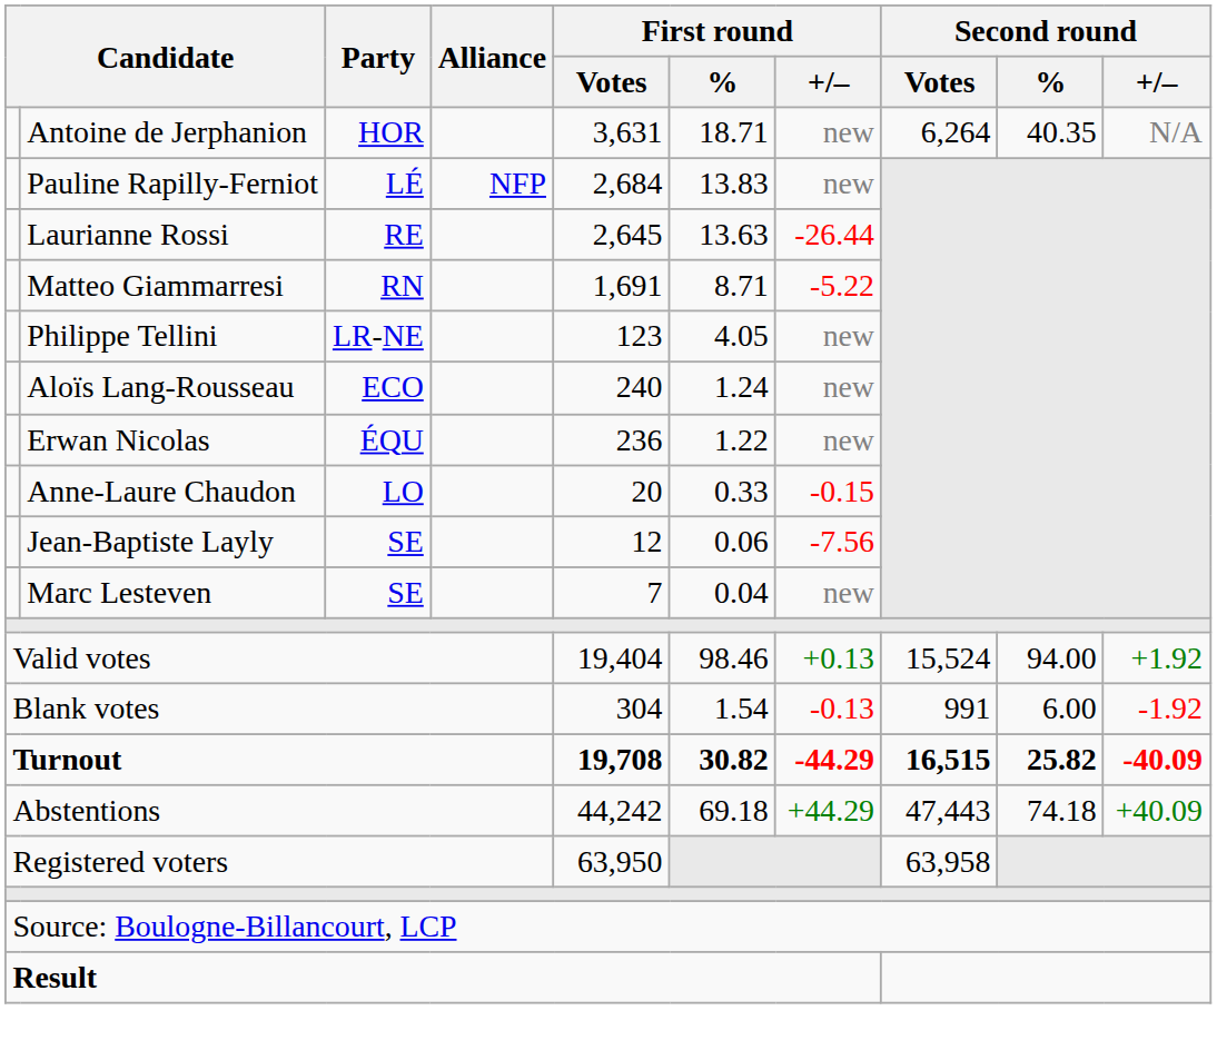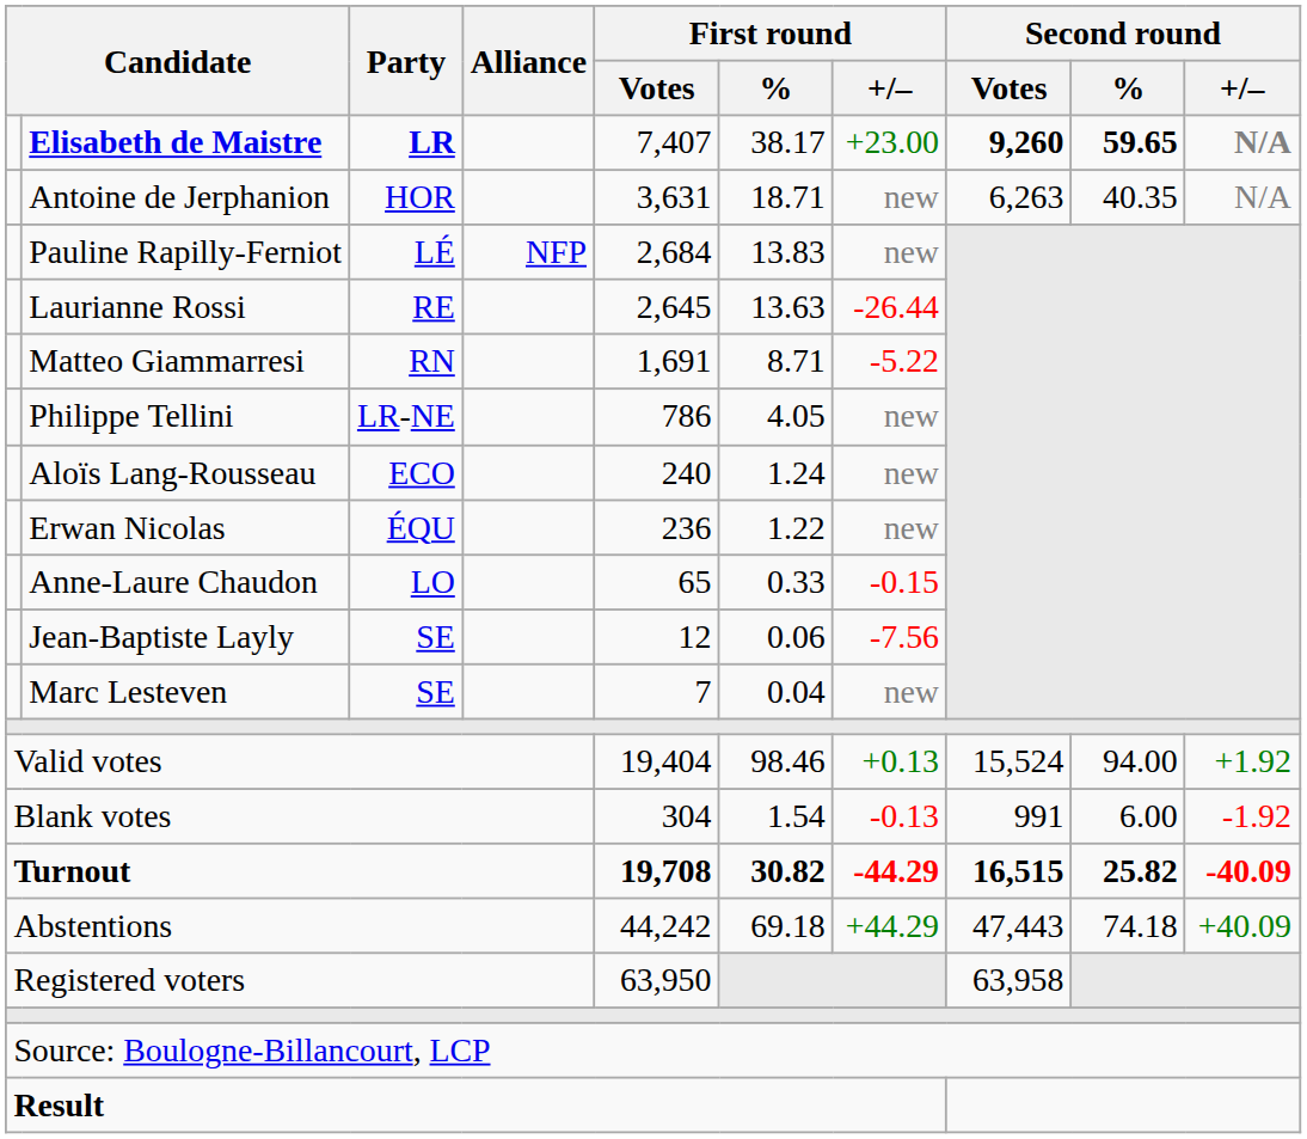 <table class="wikitable" style="text-align:right;font-size:95%;">
 <tr>
 <th rowspan="2" colspan="2">Candidate</th>
 <th rowspan="2">Party</th>
 <th rowspan="2">Alliance</th>
 <th colspan="3">First round</th>
 <th colspan="3">Second round</th>
 </tr>
 <tr>
 <th style="width:50px;">Votes</th>
 <th style="width:45px;">%</th>
 <th style="width:45px;">+/–</th>
 <th style="width:50px;">Votes</th>
 <th style="width:45px;">%</th>
 <th style="width:45px;">+/–</th>
 </tr>
 <tr>
 <td style="color:inherit;background:"></td>
+<td style="text-align:left;"><strong><a href='#'>Elisabeth de Maistre</a></strong></td>
+<td><strong><a href='#'>LR</a></strong></td>
+<td></td>
+<td>7,407</td>
+<td>38.17</td>
+<td style="color:green;">+23.00</td>
+<td><strong>9,260</strong></td>
+<td><strong>59.65</strong></td>
+<td style="color:grey;"><strong>N/A</strong></td>
+</tr>
+<tr>
+<td style="color:inherit;background:"></td>
 <td style="text-align:left;">Antoine de Jerphanion</td>
 <td><a href='#'>HOR</a></td>
 <td></td>
 <td>3,631</td>
 <td>18.71</td>
 <td style="color:grey;">new</td>
-<td>6,264</td>
+<td>6,263</td>
 <td>40.35</td>
 <td style="color:grey;">N/A</td>
 </tr>
 <tr>
 <td style="color:inherit;background:"></td>
 <td style="text-align:left;">Pauline Rapilly-Ferniot</td>
 <td><a href='#'>LÉ</a></td>
 <td><a href='#'>NFP</a></td>
 <td>2,684</td>
 <td>13.83</td>
 <td style="color:grey;">new</td>
 <td colspan="3" rowspan="9" style="background:#E9E9E9;"></td>
 </tr>
 <tr>
 <td style="color:inherit;background:"></td>
 <td style="text-align:left;">Laurianne Rossi</td>
 <td><a href='#'>RE</a></td>
 <td></td>
 <td>2,645</td>
 <td>13.63</td>
 <td style="color:red;">-26.44</td>
 </tr>
 <tr>
 <td style="color:inherit;background:"></td>
 <td style="text-align:left;">Matteo Giammarresi</td>
 <td><a href='#'>RN</a></td>
 <td></td>
 <td>1,691</td>
 <td>8.71</td>
 <td style="color:red;">-5.22</td>
 </tr>
 <tr>
 <td style="color:inherit;background:"></td>
 <td style="text-align:left;">Philippe Tellini</td>
 <td><a href='#'>LR</a>-<a href='#'>NE</a></td>
 <td></td>
-<td>123</td>
+<td>786</td>
 <td>4.05</td>
 <td style="color:grey;">new</td>
 </tr>
 <tr>
 <td style="color:inherit;background:"></td>
 <td style="text-align:left;">Aloïs Lang-Rousseau</td>
 <td><a href='#'>ECO</a></td>
 <td></td>
 <td>240</td>
 <td>1.24</td>
 <td style="color:grey;">new</td>
 </tr>
 <tr>
 <td style="color:inherit;background:"></td>
 <td style="text-align:left;">Erwan Nicolas</td>
 <td><a href='#'>ÉQU</a></td>
 <td></td>
 <td>236</td>
 <td>1.22</td>
 <td style="color:grey;">new</td>
 </tr>
 <tr>
 <td style="color:inherit;background:"></td>
 <td style="text-align:left;">Anne-Laure Chaudon</td>
 <td><a href='#'>LO</a></td>
 <td></td>
-<td>20</td>
+<td>65</td>
 <td>0.33</td>
 <td style="color:red;">-0.15</td>
 </tr>
 <tr>
 <td style="color:inherit;background:"></td>
 <td style="text-align:left;">Jean-Baptiste Layly</td>
 <td><a href='#'>SE</a></td>
 <td></td>
 <td>12</td>
 <td>0.06</td>
 <td style="color:red;">-7.56</td>
 </tr>
 <tr>
 <td style="color:inherit;background:"></td>
 <td style="text-align:left;">Marc Lesteven</td>
 <td><a href='#'>SE</a></td>
 <td></td>
 <td>7</td>
 <td>0.04</td>
 <td style="color:grey;">new</td>
 </tr>
 <tr>
 <td colspan="10" style="background:#E9E9E9;"></td>
 </tr>
 <tr>
 <td colspan="4" style="text-align:left;">Valid votes</td>
 <td>19,404</td>
 <td>98.46</td>
 <td style="color:green;">+0.13</td>
 <td>15,524</td>
 <td>94.00</td>
 <td style="color:green;">+1.92</td>
 </tr>
 <tr>
 <td colspan="4" style="text-align:left;">Blank votes</td>
 <td>304</td>
 <td>1.54</td>
 <td style="color:red;">-0.13</td>
 <td>991</td>
 <td>6.00</td>
 <td style="color:red;">-1.92</td>
 </tr>
 <tr>
 <td colspan="4" style="text-align:left;"><strong>Turnout</strong></td>
 <td><strong>19,708</strong></td>
 <td><strong>30.82</strong></td>
 <td style="color:red;"><strong>-44.29</strong></td>
 <td><strong>16,515</strong></td>
 <td><strong>25.82</strong></td>
 <td style="color:red;"><strong>-40.09</strong></td>
 </tr>
 <tr>
 <td colspan="4" style="text-align:left;">Abstentions</td>
 <td>44,242</td>
 <td>69.18</td>
 <td style="color:green;">+44.29</td>
 <td>47,443</td>
 <td>74.18</td>
 <td style="color:green;">+40.09</td>
 </tr>
 <tr>
 <td colspan="4" style="text-align:left;">Registered voters</td>
 <td>63,950</td>
 <td colspan="2" style="background:#E9E9E9;"></td>
 <td>63,958</td>
 <td colspan="2" style="background:#E9E9E9;"></td>
 </tr>
 <tr>
 <td colspan="10" style="background:#E9E9E9;"></td>
 </tr>
 <tr>
 <td colspan="10" style="text-align:left;">Source: <a href='#'>Boulogne-Billancourt</a>, <a href='#'>LCP</a></td>
 </tr>
 <tr style="font-weight:bold">
 <td colspan="7" style="text-align:left;">Result</td>
 <td colspan="3" style="background-color:"></td>
 </tr>
 </table>
